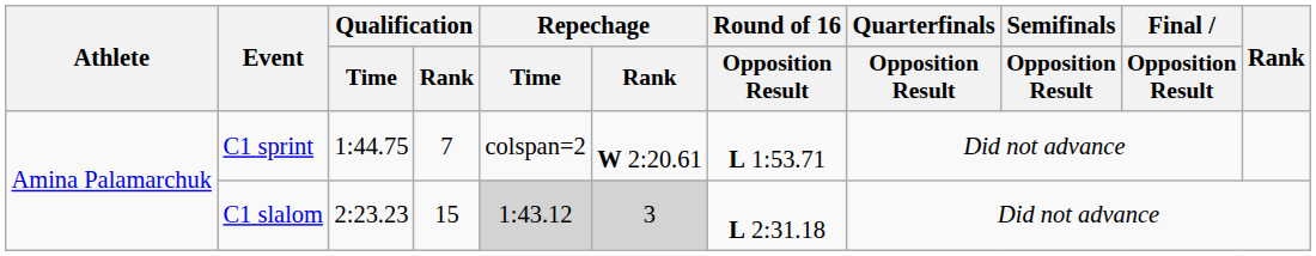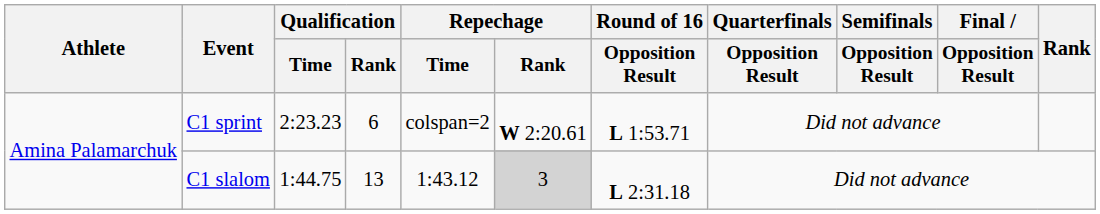 <table class="wikitable" style="font-size:90%">
 <tr>
 <th rowspan=2>Athlete</th>
 <th rowspan=2>Event</th>
 <th colspan=2>Qualification</th>
 <th colspan=2>Repechage</th>
 <th>Round of 16</th>
 <th>Quarterfinals</th>
 <th>Semifinals</th>
 <th>Final / </th>
 <th rowspan=2>Rank</th>
 </tr>
 <tr style="font-size:95%">
 <th>Time</th>
 <th>Rank</th>
 <th>Time</th>
 <th>Rank</th>
 <th>Opposition <br>Result</th>
 <th>Opposition <br>Result</th>
 <th>Opposition <br>Result</th>
 <th>Opposition <br>Result</th>
 </tr>
 <tr align="center">
 <td rowspan=2><a href='#'>Amina Palamarchuk</a></td>
 <td align="left"><a href='#'>C1 sprint</a></td>
-<td>1:44.75</td>
-<td>7</td>
+<td>2:23.23</td>
+<td>6</td>
 <td>colspan=2 </td>
 <td><br><strong>W</strong> 2:20.61</td>
 <td><br><strong>L</strong> 1:53.71</td>
 <td Colspan=3><em>Did not advance</em></td>
 </tr>
 <tr align="center">
 <td align="left"><a href='#'>C1 slalom</a></td>
-<td>2:23.23</td>
-<td>15</td>
-<td style="background: lightgrey;">1:43.12</td>
+<td>1:44.75</td>
+<td>13</td>
+<td>1:43.12</td>
 <td style="background: lightgrey;">3</td>
 <td><br><strong>L</strong> 2:31.18</td>
 <td Colspan=4><em>Did not advance</em></td>
 </tr>
 </table>
